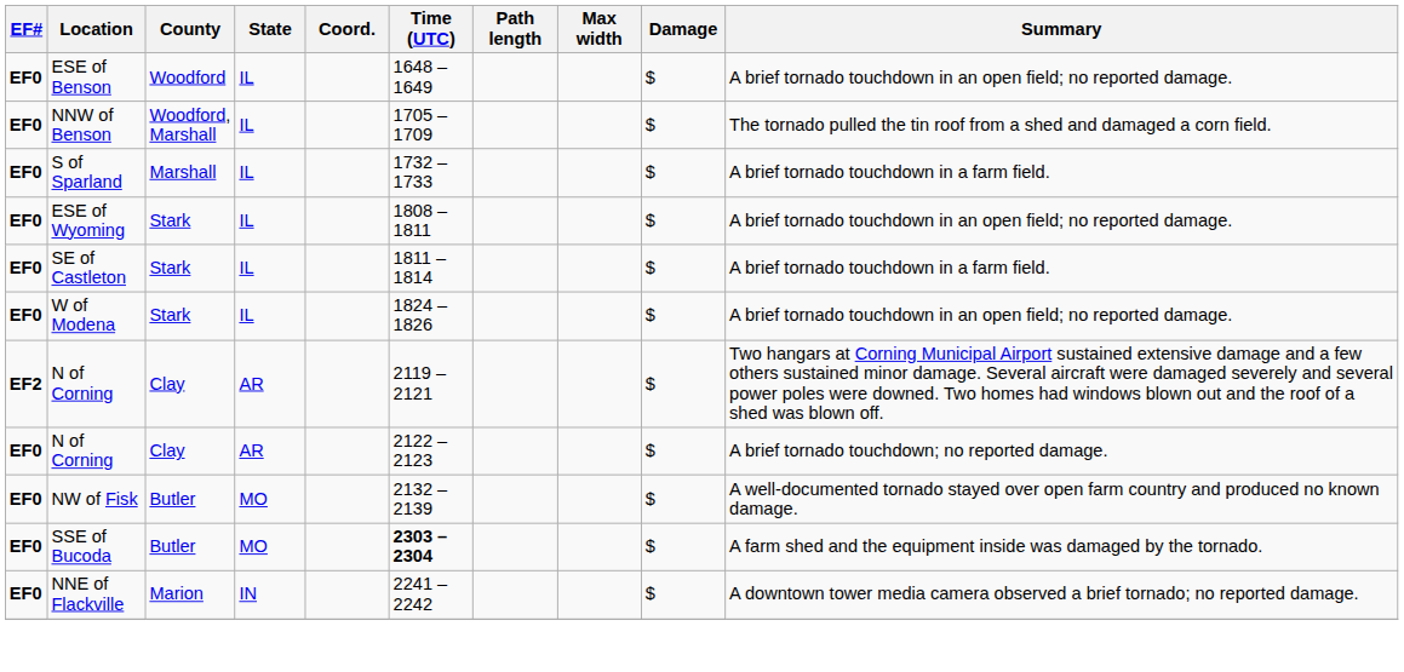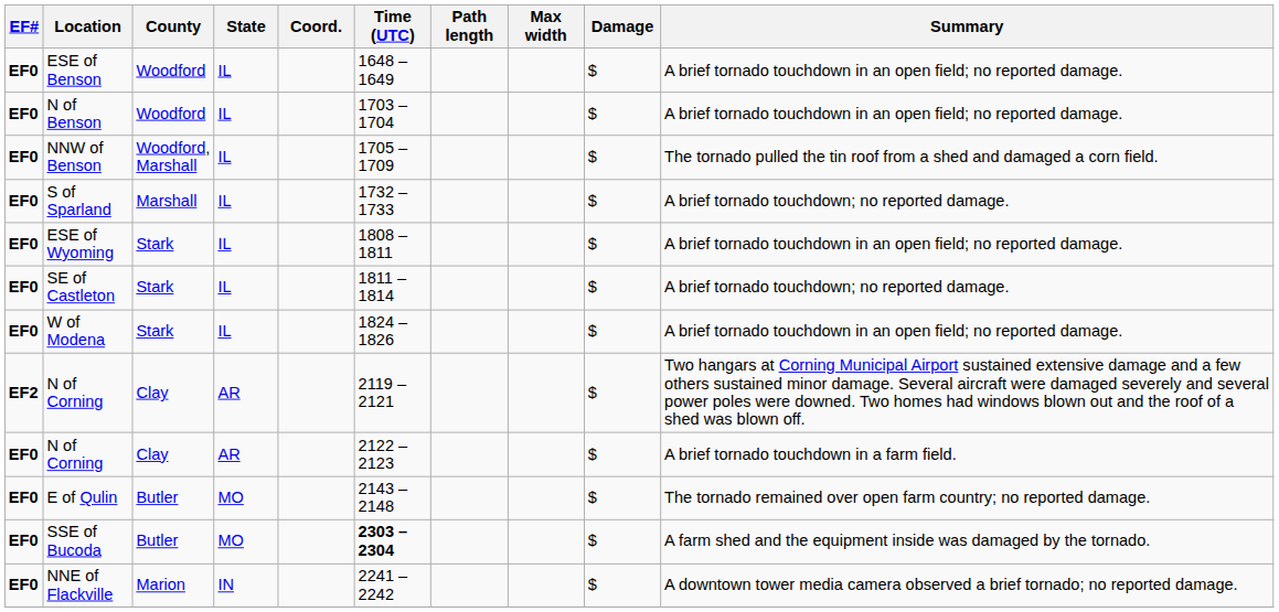 <table class="wikitable sortable" style="width:100%;">
 <tr>
 <th scope="col" width="3%" align="center"><a href='#'>EF#</a></th>
 <th scope="col" width="7%" align="center" class="unsortable">Location</th>
 <th scope="col" width="6%" align="center" class="unsortable">County</th>
 <th scope="col" width="5%" align="center">State</th>
 <th scope="col" width="6%" align="center">Coord.</th>
 <th scope="col" width="6%" align="center">Time (<a href='#'>UTC</a>)</th>
 <th scope="col" width="6%" align="center">Path length</th>
 <th scope="col" width="6%" align="center">Max width</th>
 <th scope="col" width="6%" align="center">Damage</th>
 <th scope="col" width="48%" class="unsortable" align="center">Summary</th>
 </tr>
 <tr>
 <td><strong>EF0</strong></td>
 <td>ESE of <a href='#'>Benson</a></td>
 <td><a href='#'>Woodford</a></td>
 <td><a href='#'>IL</a></td>
 <td></td>
 <td>1648 – 1649</td>
 <td></td>
 <td></td>
 <td>$</td>
 <td>A brief tornado touchdown in an open field; no reported damage.</td>
 </tr>
 <tr>
 <td><strong>EF0</strong></td>
+<td>N of <a href='#'>Benson</a></td>
+<td><a href='#'>Woodford</a></td>
+<td><a href='#'>IL</a></td>
+<td></td>
+<td>1703 – 1704</td>
+<td></td>
+<td></td>
+<td>$</td>
+<td>A brief tornado touchdown in an open field; no reported damage.</td>
+</tr>
+<tr>
+<td><strong>EF0</strong></td>
 <td>NNW of <a href='#'>Benson</a></td>
 <td><a href='#'>Woodford</a>, <a href='#'>Marshall</a></td>
 <td><a href='#'>IL</a></td>
 <td></td>
 <td>1705 – 1709</td>
 <td></td>
 <td></td>
 <td>$</td>
 <td>The tornado pulled the tin roof from a shed and damaged a corn field.</td>
 </tr>
 <tr>
 <td><strong>EF0</strong></td>
 <td>S of <a href='#'>Sparland</a></td>
 <td><a href='#'>Marshall</a></td>
 <td><a href='#'>IL</a></td>
 <td></td>
 <td>1732 – 1733</td>
 <td></td>
 <td></td>
 <td>$</td>
-<td>A brief tornado touchdown in a farm field.</td>
+<td>A brief tornado touchdown; no reported damage.</td>
 </tr>
 <tr>
 <td><strong>EF0</strong></td>
 <td>ESE of <a href='#'>Wyoming</a></td>
 <td><a href='#'>Stark</a></td>
 <td><a href='#'>IL</a></td>
 <td></td>
 <td>1808 – 1811</td>
 <td></td>
 <td></td>
 <td>$</td>
 <td>A brief tornado touchdown in an open field; no reported damage.</td>
 </tr>
 <tr>
 <td><strong>EF0</strong></td>
 <td>SE of <a href='#'>Castleton</a></td>
 <td><a href='#'>Stark</a></td>
 <td><a href='#'>IL</a></td>
 <td></td>
 <td>1811 – 1814</td>
 <td></td>
 <td></td>
 <td>$</td>
-<td>A brief tornado touchdown in a farm field.</td>
+<td>A brief tornado touchdown; no reported damage.</td>
 </tr>
 <tr>
 <td><strong>EF0</strong></td>
 <td>W of <a href='#'>Modena</a></td>
 <td><a href='#'>Stark</a></td>
 <td><a href='#'>IL</a></td>
 <td></td>
 <td>1824 – 1826</td>
 <td></td>
 <td></td>
 <td>$</td>
 <td>A brief tornado touchdown in an open field; no reported damage.</td>
 </tr>
 <tr>
 <td><strong>EF2</strong></td>
 <td>N of <a href='#'>Corning</a></td>
 <td><a href='#'>Clay</a></td>
 <td><a href='#'>AR</a></td>
 <td></td>
 <td>2119 – 2121</td>
 <td></td>
 <td></td>
 <td>$</td>
 <td>Two hangars at <a href='#'>Corning Municipal Airport</a> sustained extensive damage and a few others sustained minor damage. Several aircraft were damaged severely and several power poles were downed. Two homes had windows blown out and the roof of a shed was blown off.</td>
 </tr>
 <tr>
 <td><strong>EF0</strong></td>
 <td>N of <a href='#'>Corning</a></td>
 <td><a href='#'>Clay</a></td>
 <td><a href='#'>AR</a></td>
 <td></td>
 <td>2122 – 2123</td>
 <td></td>
 <td></td>
 <td>$</td>
-<td>A brief tornado touchdown; no reported damage.</td>
+<td>A brief tornado touchdown in a farm field.</td>
 </tr>
 <tr>
 <td><strong>EF0</strong></td>
-<td>NW of <a href='#'>Fisk</a></td>
+<td>E of <a href='#'>Qulin</a></td>
 <td><a href='#'>Butler</a></td>
 <td><a href='#'>MO</a></td>
 <td></td>
-<td>2132 – 2139</td>
+<td>2143 – 2148</td>
 <td></td>
 <td></td>
 <td>$</td>
-<td>A well-documented tornado stayed over open farm country and produced no known damage.</td>
+<td>The tornado remained over open farm country; no reported damage.</td>
 </tr>
 <tr>
 <td><strong>EF0</strong></td>
 <td>SSE of <a href='#'>Bucoda</a></td>
 <td><a href='#'>Butler</a></td>
 <td><a href='#'>MO</a></td>
 <td></td>
 <td><strong>2303 – 2304</strong></td>
 <td></td>
 <td></td>
 <td>$</td>
 <td>A farm shed and the equipment inside was damaged by the tornado.</td>
 </tr>
 <tr>
 <td><strong>EF0</strong></td>
 <td>NNE of <a href='#'>Flackville</a></td>
 <td><a href='#'>Marion</a></td>
 <td><a href='#'>IN</a></td>
 <td></td>
 <td>2241 – 2242</td>
 <td></td>
 <td></td>
 <td>$</td>
 <td>A downtown tower media camera observed a brief tornado; no reported damage.</td>
 </tr>
 <tr>
 </tr>
 </table>
